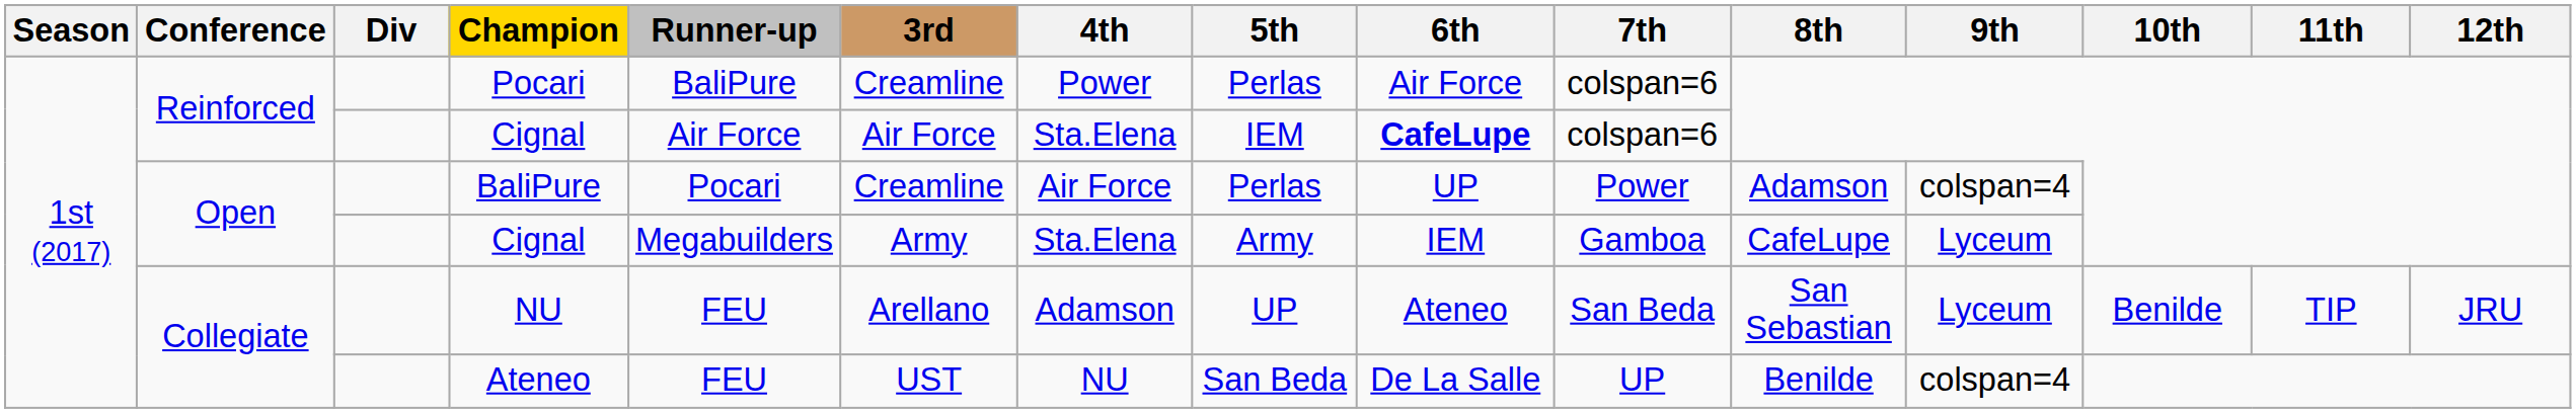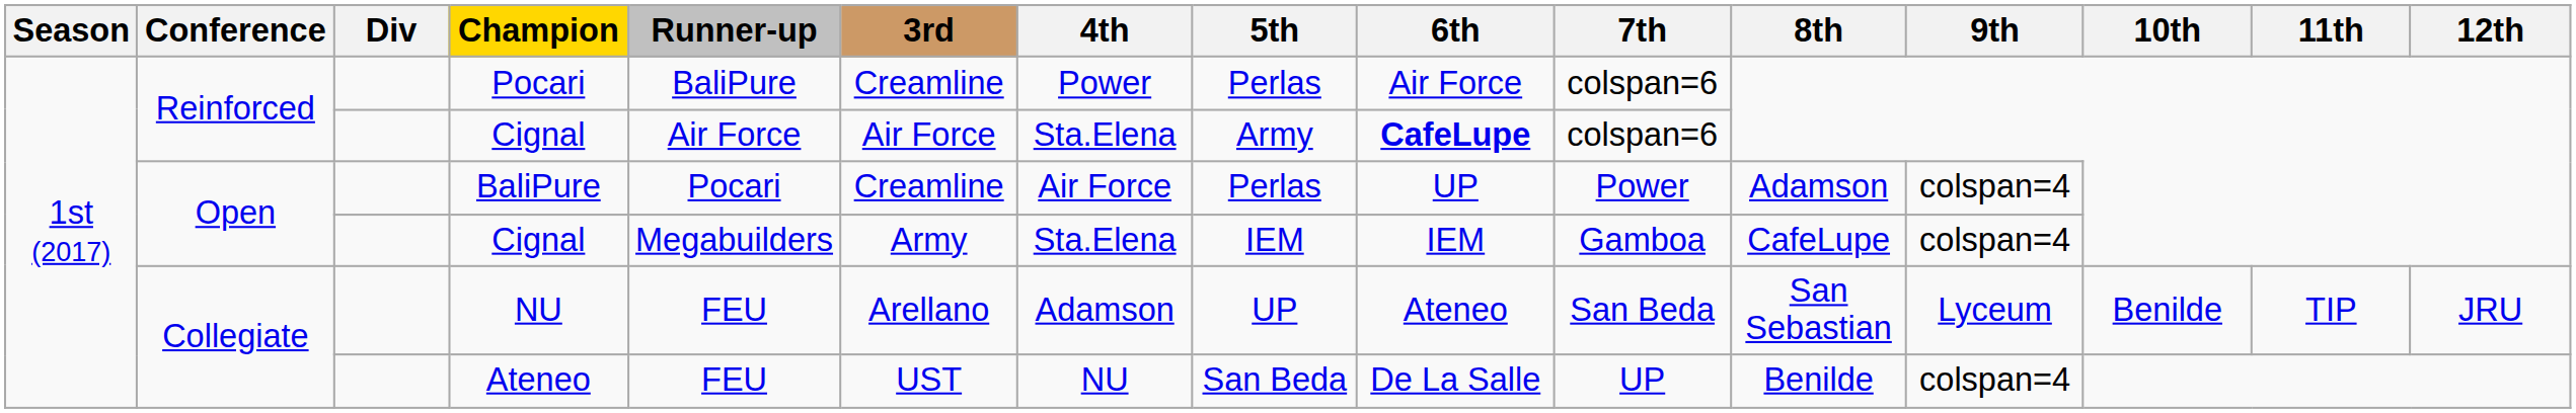 <table class="wikitable" style="font-size:90% align=center;">
 <tr>
 <th width=5%>Season</th>
 <th width=5%>Conference</th>
 <th width=5%>Div</th>
 <th width=7% style="background:gold;">Champion</th>
 <th width=7% style="background:silver;">Runner-up</th>
 <th width=7% style="background:#CC9966;">3rd</th>
 <th width=7%>4th</th>
 <th width=7%>5th</th>
 <th width=8%>6th</th>
 <th width=7%>7th</th>
 <th width=7%>8th</th>
 <th width=7%>9th</th>
 <th width=7%>10th</th>
 <th width=7%>11th</th>
 <th width=7%>12th</th>
 </tr>
 <tr align=center>
 <td rowspan=6><a href='#'>1st<br><small>(2017)</small></a></td>
 <td rowspan=2><a href='#'>Reinforced</a></td>
 <td></td>
 <td><a href='#'>Pocari</a></td>
 <td><a href='#'>BaliPure</a></td>
 <td><a href='#'>Creamline</a></td>
 <td><a href='#'>Power</a></td>
 <td><a href='#'>Perlas</a></td>
 <td><a href='#'>Air Force</a></td>
 <td>colspan=6</td>
 </tr>
 <tr align=center>
 <td></td>
 <td><a href='#'>Cignal</a></td>
 <td><a href='#'>Air Force</a></td>
 <td><a href='#'>Air Force</a></td>
 <td><a href='#'>Sta.Elena</a></td>
-<td><a href='#'>IEM</a></td>
+<td><a href='#'>Army</a></td>
 <td><strong><a href='#'>CafeLupe</a></strong></td>
 <td>colspan=6</td>
 </tr>
 <tr align=center>
 <td rowspan=2><a href='#'>Open</a></td>
 <td></td>
 <td><a href='#'>BaliPure</a></td>
 <td><a href='#'>Pocari</a></td>
 <td><a href='#'>Creamline</a></td>
 <td><a href='#'>Air Force</a></td>
 <td><a href='#'>Perlas</a></td>
 <td><a href='#'>UP</a></td>
 <td><a href='#'>Power</a></td>
 <td><a href='#'>Adamson</a></td>
 <td>colspan=4</td>
 </tr>
 <tr align=center>
 <td></td>
 <td><a href='#'>Cignal</a></td>
 <td><a href='#'>Megabuilders</a></td>
 <td><a href='#'>Army</a></td>
 <td><a href='#'>Sta.Elena</a></td>
-<td><a href='#'>Army</a></td>
+<td><a href='#'>IEM</a></td>
 <td><a href='#'>IEM</a></td>
 <td><a href='#'>Gamboa</a></td>
 <td><a href='#'>CafeLupe</a></td>
-<td><a href='#'>Lyceum</a></td>
+<td>colspan=4</td>
 </tr>
 <tr align=center>
 <td rowspan=2><a href='#'>Collegiate</a></td>
 <td></td>
 <td><a href='#'>NU</a></td>
 <td><a href='#'>FEU</a></td>
 <td><a href='#'>Arellano</a></td>
 <td><a href='#'>Adamson</a></td>
 <td><a href='#'>UP</a></td>
 <td><a href='#'>Ateneo</a></td>
 <td><a href='#'>San Beda</a></td>
 <td><a href='#'>San Sebastian</a></td>
 <td><a href='#'>Lyceum</a></td>
 <td><a href='#'>Benilde</a></td>
 <td><a href='#'>TIP</a></td>
 <td><a href='#'>JRU</a></td>
 </tr>
 <tr align=center>
 <td></td>
 <td><a href='#'>Ateneo</a></td>
 <td><a href='#'>FEU</a></td>
 <td><a href='#'>UST</a></td>
 <td><a href='#'>NU</a></td>
 <td><a href='#'>San Beda</a></td>
 <td><a href='#'>De La Salle</a></td>
 <td><a href='#'>UP</a></td>
 <td><a href='#'>Benilde</a></td>
 <td>colspan=4</td>
 </tr>
 </table>
